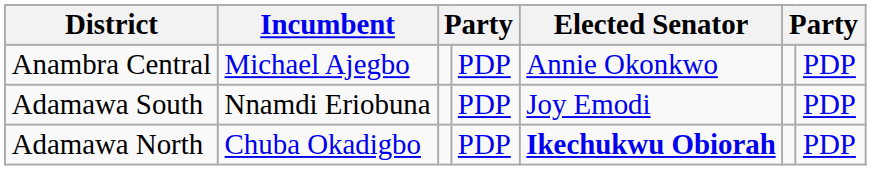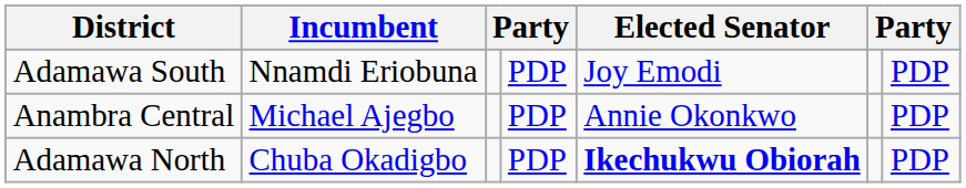 <table class="sortable wikitable" style="font-size:95%;line-height:14px;">
 <tr>
 <th class="unsortable">District</th>
 <th class="unsortable"><a href='#'>Incumbent</a></th>
 <th colspan="2">Party</th>
 <th class="unsortable">Elected Senator</th>
 <th colspan="2">Party</th>
 </tr>
 <tr>
+<td>Adamawa South</td>
+<td>Nnamdi Eriobuna</td>
+<td style="background:"></td>
+<td><a href='#'>PDP</a></td>
+<td><a href='#'>Joy Emodi</a></td>
+<td style="background:"></td>
+<td><a href='#'>PDP</a></td>
+</tr>
+<tr>
 <td>Anambra Central</td>
 <td><a href='#'>Michael Ajegbo</a></td>
 <td style="background:"></td>
 <td><a href='#'>PDP</a></td>
 <td><a href='#'>Annie Okonkwo</a></td>
-<td style="background:"></td>
-<td><a href='#'>PDP</a></td>
-</tr>
-<tr>
-<td>Adamawa South</td>
-<td>Nnamdi Eriobuna</td>
-<td style="background:"></td>
-<td><a href='#'>PDP</a></td>
-<td><a href='#'>Joy Emodi</a></td>
 <td style="background:"></td>
 <td><a href='#'>PDP</a></td>
 </tr>
 <tr>
 <td>Adamawa North</td>
 <td><a href='#'>Chuba Okadigbo</a></td>
 <td style="background:"></td>
 <td><a href='#'>PDP</a></td>
 <td><strong><a href='#'>Ikechukwu Obiorah</a></strong></td>
 <td style="background:"></td>
 <td><a href='#'>PDP</a></td>
 </tr>
 </table>
